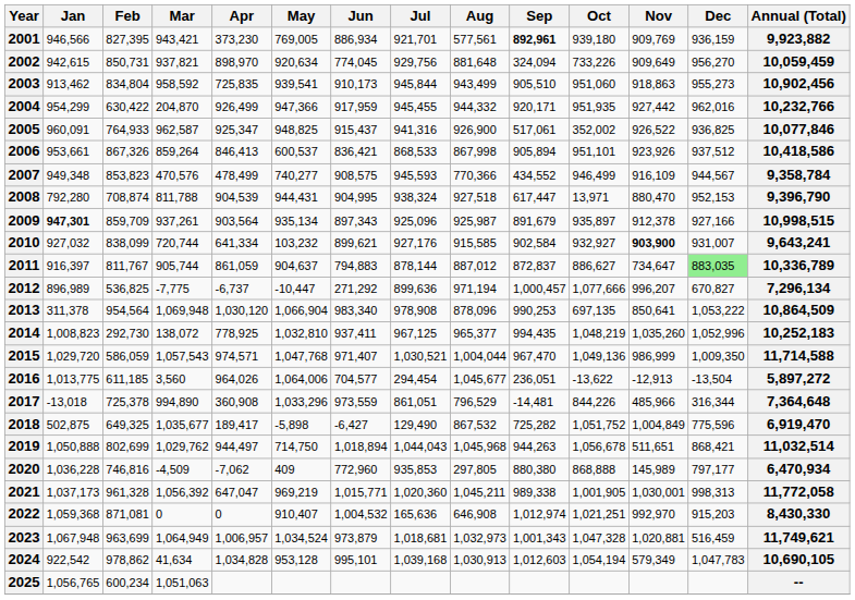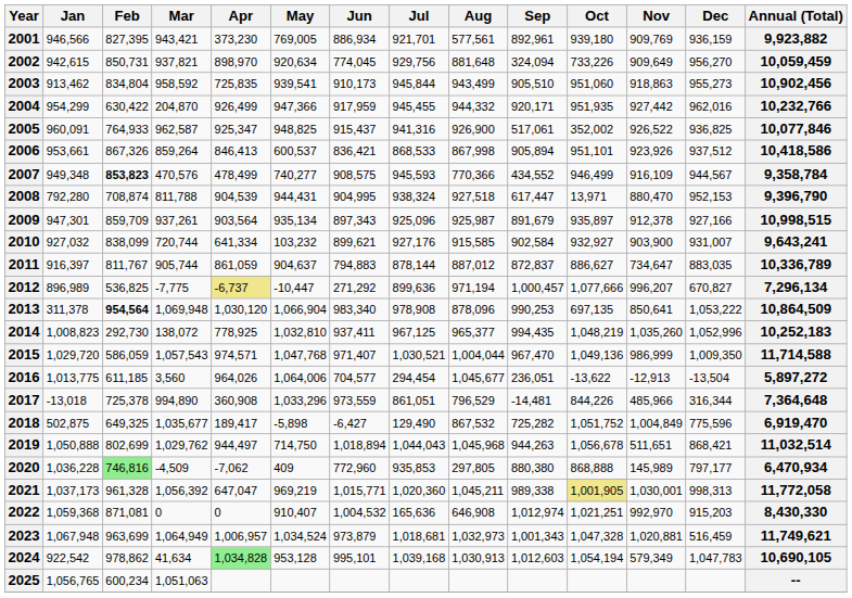 <table class="wikitable">
 <tr>
 <th>Year</th>
 <th>Jan</th>
 <th>Feb</th>
 <th>Mar</th>
 <th>Apr</th>
 <th>May</th>
 <th>Jun</th>
 <th>Jul</th>
 <th>Aug</th>
 <th>Sep</th>
 <th>Oct</th>
 <th>Nov</th>
 <th>Dec</th>
 <th>Annual (Total)</th>
 </tr>
 <tr>
 <th>2001</th>
 <td><small>946,566</small></td>
 <td><small>827,395</small></td>
 <td><small>943,421</small></td>
 <td><small>373,230</small></td>
 <td><small>769,005</small></td>
 <td><small>886,934</small></td>
 <td><small>921,701</small></td>
 <td><small>577,561</small></td>
-<td><strong><small>892,961</small></strong></td>
+<td><small>892,961</small></td>
 <td><small>939,180</small></td>
 <td><small>909,769</small></td>
 <td><small>936,159</small></td>
 <th>9,923,882</th>
 </tr>
 <tr>
 <th>2002</th>
 <td><small>942,615</small></td>
 <td><small>850,731</small></td>
 <td><small>937,821</small></td>
 <td><small>898,970</small></td>
 <td><small>920,634</small></td>
 <td><small>774,045</small></td>
 <td><small>929,756</small></td>
 <td><small>881,648</small></td>
 <td><small>324,094</small></td>
 <td><small>733,226</small></td>
 <td><small>909,649</small></td>
 <td><small>956,270</small></td>
 <th>10,059,459</th>
 </tr>
 <tr>
 <th>2003</th>
 <td><small>913,462</small></td>
 <td><small>834,804</small></td>
 <td><small>958,592</small></td>
 <td><small>725,835</small></td>
 <td><small>939,541</small></td>
 <td><small>910,173</small></td>
 <td><small>945,844</small></td>
 <td><small>943,499</small></td>
 <td><small>905,510</small></td>
 <td><small>951,060</small></td>
 <td><small>918,863</small></td>
 <td><small>955,273</small></td>
 <th>10,902,456</th>
 </tr>
 <tr>
 <th>2004</th>
 <td><small>954,299</small></td>
 <td><small>630,422</small></td>
 <td><small>204,870</small></td>
 <td><small>926,499</small></td>
 <td><small>947,366</small></td>
 <td><small>917,959</small></td>
 <td><small>945,455</small></td>
 <td><small>944,332</small></td>
 <td><small>920,171</small></td>
 <td><small>951,935</small></td>
 <td><small>927,442</small></td>
 <td><small>962,016</small></td>
 <th>10,232,766</th>
 </tr>
 <tr>
 <th>2005</th>
 <td><small>960,091</small></td>
 <td><small>764,933</small></td>
 <td><small>962,587</small></td>
 <td><small>925,347</small></td>
 <td><small>948,825</small></td>
 <td><small>915,437</small></td>
 <td><small>941,316</small></td>
 <td><small>926,900</small></td>
 <td><small>517,061</small></td>
 <td><small>352,002</small></td>
 <td><small>926,522</small></td>
 <td><small>936,825</small></td>
 <th>10,077,846</th>
 </tr>
 <tr>
 <th>2006</th>
 <td><small>953,661</small></td>
 <td><small>867,326</small></td>
 <td><small>859,264</small></td>
 <td><small>846,413</small></td>
 <td><small>600,537</small></td>
 <td><small>836,421</small></td>
 <td><small>868,533</small></td>
 <td><small>867,998</small></td>
 <td><small>905,894</small></td>
 <td><small>951,101</small></td>
 <td><small>923,926</small></td>
 <td><small>937,512</small></td>
 <th>10,418,586</th>
 </tr>
 <tr>
 <th>2007</th>
 <td><small>949,348</small></td>
-<td><small>853,823</small></td>
+<td><strong><small>853,823</small></strong></td>
 <td><small>470,576</small></td>
 <td><small>478,499</small></td>
 <td><small>740,277</small></td>
 <td><small>908,575</small></td>
 <td><small>945,593</small></td>
 <td><small>770,366</small></td>
 <td><small>434,552</small></td>
 <td><small>946,499</small></td>
 <td><small>916,109</small></td>
 <td><small>944,567</small></td>
 <th>9,358,784</th>
 </tr>
 <tr>
 <th>2008</th>
 <td><small>792,280</small></td>
 <td><small>708,874</small></td>
 <td><small>811,788</small></td>
 <td><small>904,539</small></td>
 <td><small>944,431</small></td>
 <td><small>904,995</small></td>
 <td><small>938,324</small></td>
 <td><small>927,518</small></td>
 <td><small>617,447</small></td>
 <td><small>13,971</small></td>
 <td><small>880,470</small></td>
 <td><small>952,153</small></td>
 <th>9,396,790</th>
 </tr>
 <tr>
 <th>2009</th>
-<td><strong><small>947,301</small></strong></td>
+<td><small>947,301</small></td>
 <td><small>859,709</small></td>
 <td><small>937,261</small></td>
 <td><small>903,564</small></td>
 <td><small>935,134</small></td>
 <td><small>897,343</small></td>
 <td><small>925,096</small></td>
 <td><small>925,987</small></td>
 <td><small>891,679</small></td>
 <td><small>935,897</small></td>
 <td><small>912,378</small></td>
 <td><small>927,166</small></td>
 <th>10,998,515</th>
 </tr>
 <tr>
 <th>2010</th>
 <td><small>927,032</small></td>
 <td><small>838,099</small></td>
 <td><small>720,744</small></td>
 <td><small>641,334</small></td>
 <td><small>103,232</small></td>
 <td><small>899,621</small></td>
 <td><small>927,176</small></td>
 <td><small>915,585</small></td>
 <td><small>902,584</small></td>
 <td><small>932,927</small></td>
-<td><strong><small>903,900</small></strong></td>
+<td><small>903,900</small></td>
 <td><small>931,007</small></td>
 <th>9,643,241</th>
 </tr>
 <tr>
 <th>2011</th>
 <td><small>916,397</small></td>
 <td><small>811,767</small></td>
 <td><small>905,744</small></td>
 <td><small>861,059</small></td>
 <td><small>904,637</small></td>
 <td><small>794,883</small></td>
 <td><small>878,144</small></td>
 <td><small>887,012</small></td>
 <td><small>872,837</small></td>
 <td><small>886,627</small></td>
 <td><small>734,647</small></td>
-<td style="background: lightgreen;"><small>883,035</small></td>
+<td><small>883,035</small></td>
 <th>10,336,789</th>
 </tr>
 <tr>
 <th>2012</th>
 <td><small>896,989</small></td>
 <td><small>536,825</small></td>
 <td><small>-7,775</small></td>
-<td><small>-6,737</small></td>
+<td style="background: khaki;"><small>-6,737</small></td>
 <td><small>-10,447</small></td>
 <td><small>271,292</small></td>
 <td><small>899,636</small></td>
 <td><small>971,194</small></td>
 <td><small>1,000,457</small></td>
 <td><small>1,077,666</small></td>
 <td><small>996,207</small></td>
 <td><small>670,827</small></td>
 <th>7,296,134</th>
 </tr>
 <tr>
 <th>2013</th>
 <td><small>311,378</small></td>
-<td><small>954,564</small></td>
+<td><strong><small>954,564</small></strong></td>
 <td><small>1,069,948</small></td>
 <td><small>1,030,120</small></td>
 <td><small>1,066,904</small></td>
 <td><small>983,340</small></td>
 <td><small>978,908</small></td>
 <td><small>878,096</small></td>
 <td><small>990,253</small></td>
 <td><small>697,135</small></td>
 <td><small>850,641</small></td>
 <td><small>1,053,222</small></td>
 <th>10,864,509</th>
 </tr>
 <tr>
 <th>2014</th>
 <td><small>1,008,823</small></td>
 <td><small>292,730</small></td>
 <td><small>138,072</small></td>
 <td><small>778,925</small></td>
 <td><small>1,032,810</small></td>
 <td><small>937,411</small></td>
 <td><small>967,125</small></td>
 <td><small>965,377</small></td>
 <td><small>994,435</small></td>
 <td><small>1,048,219</small></td>
 <td><small>1,035,260</small></td>
 <td><small>1,052,996</small></td>
 <th>10,252,183</th>
 </tr>
 <tr>
 <th>2015</th>
 <td><small>1,029,720</small></td>
 <td><small>586,059</small></td>
 <td><small>1,057,543</small></td>
 <td><small>974,571</small></td>
 <td><small>1,047,768</small></td>
 <td><small>971,407</small></td>
 <td><small>1,030,521</small></td>
 <td><small>1,004,044</small></td>
 <td><small>967,470</small></td>
 <td><small>1,049,136</small></td>
 <td><small>986,999</small></td>
 <td><small>1,009,350</small></td>
 <th>11,714,588</th>
 </tr>
 <tr>
 <th>2016</th>
 <td><small>1,013,775</small></td>
 <td><small>611,185</small></td>
 <td><small>3,560</small></td>
 <td><small>964,026</small></td>
 <td><small>1,064,006</small></td>
 <td><small>704,577</small></td>
 <td><small>294,454</small></td>
 <td><small>1,045,677</small></td>
 <td><small>236,051</small></td>
 <td><small>-13,622</small></td>
 <td><small>-12,913</small></td>
 <td><small>-13,504</small></td>
 <th>5,897,272</th>
 </tr>
 <tr>
 <th>2017</th>
 <td><small>-13,018</small></td>
 <td><small>725,378</small></td>
 <td><small>994,890</small></td>
 <td><small>360,908</small></td>
 <td><small>1,033,296</small></td>
 <td><small>973,559</small></td>
 <td><small>861,051</small></td>
 <td><small>796,529</small></td>
 <td><small>-14,481</small></td>
 <td><small>844,226</small></td>
 <td><small>485,966</small></td>
 <td><small>316,344</small></td>
 <th>7,364,648</th>
 </tr>
 <tr>
 <th>2018</th>
 <td><small>502,875</small></td>
 <td><small>649,325</small></td>
 <td><small>1,035,677</small></td>
 <td><small>189,417</small></td>
 <td><small>-5,898</small></td>
 <td><small>-6,427</small></td>
 <td><small>129,490</small></td>
 <td><small>867,532</small></td>
 <td><small>725,282</small></td>
 <td><small>1,051,752</small></td>
 <td><small>1,004,849</small></td>
 <td><small>775,596</small></td>
 <th>6,919,470</th>
 </tr>
 <tr>
 <th>2019</th>
 <td><small>1,050,888</small></td>
 <td><small>802,699</small></td>
 <td><small>1,029,762</small></td>
 <td><small>944,497</small></td>
 <td><small>714,750</small></td>
 <td><small>1,018,894</small></td>
 <td><small>1,044,043</small></td>
 <td><small>1,045,968</small></td>
 <td><small>944,263</small></td>
 <td><small>1,056,678</small></td>
 <td><small>511,651</small></td>
 <td><small>868,421</small></td>
 <th>11,032,514</th>
 </tr>
 <tr>
 <th>2020</th>
 <td><small>1,036,228</small></td>
-<td><small>746,816</small></td>
+<td style="background: lightgreen;"><small>746,816</small></td>
 <td><small>-4,509</small></td>
 <td><small>-7,062</small></td>
 <td><small>409</small></td>
 <td><small>772,960</small></td>
 <td><small>935,853</small></td>
 <td><small>297,805</small></td>
 <td><small>880,380</small></td>
 <td><small>868,888</small></td>
 <td><small>145,989</small></td>
 <td><small>797,177</small></td>
 <th>6,470,934</th>
 </tr>
 <tr>
 <th>2021</th>
 <td><small>1,037,173</small></td>
 <td><small>961,328</small></td>
 <td><small>1,056,392</small></td>
 <td><small>647,047</small></td>
 <td><small>969,219</small></td>
 <td><small>1,015,771</small></td>
 <td><small>1,020,360</small></td>
 <td><small>1,045,211</small></td>
 <td><small>989,338</small></td>
-<td><small>1,001,905</small></td>
+<td style="background: khaki;"><small>1,001,905</small></td>
 <td><small>1,030,001</small></td>
 <td><small>998,313</small></td>
 <th>11,772,058</th>
 </tr>
 <tr>
 <th>2022</th>
 <td><small>1,059,368</small></td>
 <td><small>871,081</small></td>
 <td><small>0</small></td>
 <td><small>0</small></td>
 <td><small>910,407</small></td>
 <td><small>1,004,532</small></td>
 <td><small>165,636</small></td>
 <td><small>646,908</small></td>
 <td><small>1,012,974</small></td>
 <td><small>1,021,251</small></td>
 <td><small>992,970</small></td>
 <td><small>915,203</small></td>
 <th>8,430,330</th>
 </tr>
 <tr>
 <th>2023</th>
 <td><small>1,067,948</small></td>
 <td><small>963,699</small></td>
 <td><small>1,064,949</small></td>
 <td><small>1,006,957</small></td>
 <td><small>1,034,524</small></td>
 <td><small>973,879</small></td>
 <td><small>1,018,681</small></td>
 <td><small>1,032,973</small></td>
 <td><small>1,001,343</small></td>
 <td><small>1,047,328</small></td>
 <td><small>1,020,881</small></td>
 <td><small>516,459</small></td>
 <th>11,749,621</th>
 </tr>
 <tr>
 <th>2024</th>
 <td><small>922,542</small></td>
 <td><small>978,862</small></td>
 <td><small>41,634</small></td>
-<td><small>1,034,828</small></td>
+<td style="background: lightgreen;"><small>1,034,828</small></td>
 <td><small>953,128</small></td>
 <td><small>995,101</small></td>
 <td><small>1,039,168</small></td>
 <td><small>1,030,913</small></td>
 <td><small>1,012,603</small></td>
 <td><small>1,054,194</small></td>
 <td><small>579,349</small></td>
 <td><small>1,047,783</small></td>
 <th>10,690,105</th>
 </tr>
 <tr>
 <th>2025</th>
 <td><small>1,056,765</small></td>
 <td><small>600,234</small></td>
 <td><small>1,051,063</small></td>
 <td><small></small></td>
 <td><small></small></td>
 <td><small></small></td>
 <td><small></small></td>
 <td><small></small></td>
 <td><small></small></td>
 <td><small></small></td>
 <td><small></small></td>
 <td><small></small></td>
 <th>--</th>
 </tr>
 <tr>
 </tr>
 </table>
